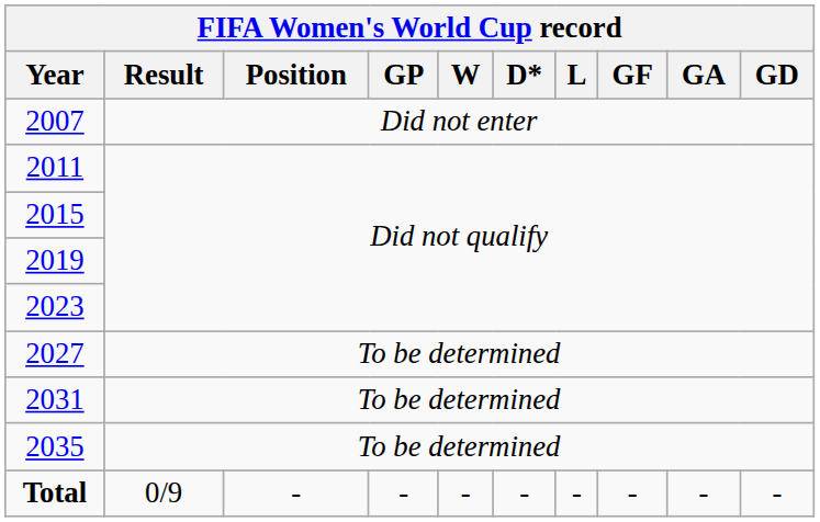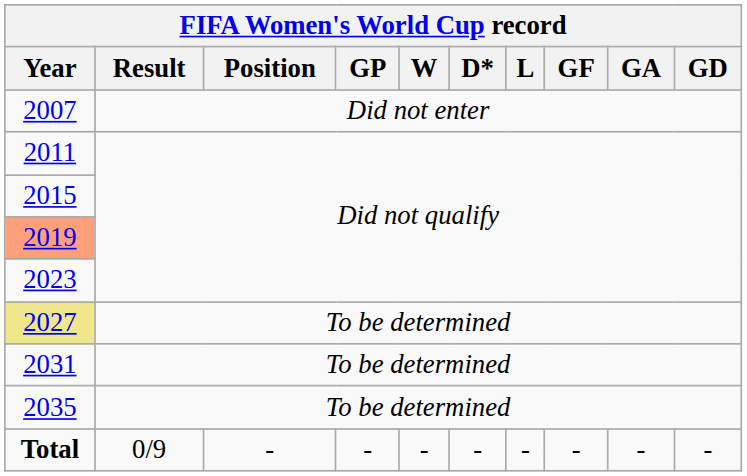 <table class="wikitable" style="text-align: center; width:50%;">
 <tr>
 <th colspan=100><a href='#'>FIFA Women's World Cup</a> record</th>
 </tr>
 <tr>
 <th>Year</th>
 <th>Result</th>
 <th>Position</th>
 <th>GP</th>
 <th>W</th>
 <th>D*</th>
 <th>L</th>
 <th>GF</th>
 <th>GA</th>
 <th>GD</th>
 </tr>
 <tr>
 <td> <a href='#'>2007</a></td>
 <td colspan=9><em>Did not enter</em></td>
 </tr>
 <tr>
 <td> <a href='#'>2011</a></td>
 <td colspan=9 rowspan=4><em>Did not qualify</em></td>
 </tr>
 <tr>
 <td> <a href='#'>2015</a></td>
 </tr>
 <tr>
-<td> <a href='#'>2019</a></td>
+<td style="background: lightsalmon;"> <a href='#'>2019</a></td>
 </tr>
 <tr>
 <td> <a href='#'>2023</a></td>
 </tr>
 <tr>
-<td> <a href='#'>2027</a></td>
+<td style="background: khaki;"> <a href='#'>2027</a></td>
 <td colspan=9><em>To be determined</em></td>
 </tr>
 <tr>
 <td> <a href='#'>2031</a></td>
 <td colspan=9><em>To be determined</em></td>
 </tr>
 <tr>
 <td> <a href='#'>2035</a></td>
 <td colspan=9><em>To be determined</em></td>
 </tr>
 <tr>
 <td><strong>Total</strong></td>
 <td>0/9</td>
 <td>-</td>
 <td>-</td>
 <td>-</td>
 <td>-</td>
 <td>-</td>
 <td>-</td>
 <td>-</td>
 <td>-</td>
 </tr>
 </table>
